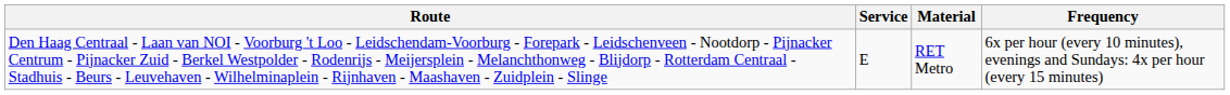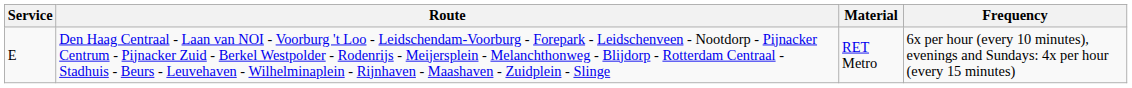 <table class="wikitable vatop">
 <tr>
+<th>Service</th>
 <th>Route</th>
-<th>Service</th>
 <th>Material</th>
 <th>Frequency</th>
 </tr>
 <tr>
+<td>E</td>
 <td><a href='#'>Den Haag Centraal</a> - <a href='#'>Laan van NOI</a> - <a href='#'>Voorburg 't Loo</a> - <a href='#'>Leidschendam-Voorburg</a> - <a href='#'>Forepark</a> - <a href='#'>Leidschenveen</a> - Nootdorp - <a href='#'>Pijnacker Centrum</a> - <a href='#'>Pijnacker Zuid</a> - <a href='#'>Berkel Westpolder</a> - <a href='#'>Rodenrijs</a> - <a href='#'>Meijersplein</a> - <a href='#'>Melanchthonweg</a> - <a href='#'>Blijdorp</a> - <a href='#'>Rotterdam Centraal</a> - <a href='#'>Stadhuis</a> - <a href='#'>Beurs</a> - <a href='#'>Leuvehaven</a> - <a href='#'>Wilhelminaplein</a> - <a href='#'>Rijnhaven</a> - <a href='#'>Maashaven</a> - <a href='#'>Zuidplein</a> - <a href='#'>Slinge</a></td>
-<td>E</td>
 <td><a href='#'>RET</a> Metro</td>
 <td>6x per hour (every 10 minutes), evenings and Sundays: 4x per hour (every 15 minutes)</td>
 </tr>
 </table>
